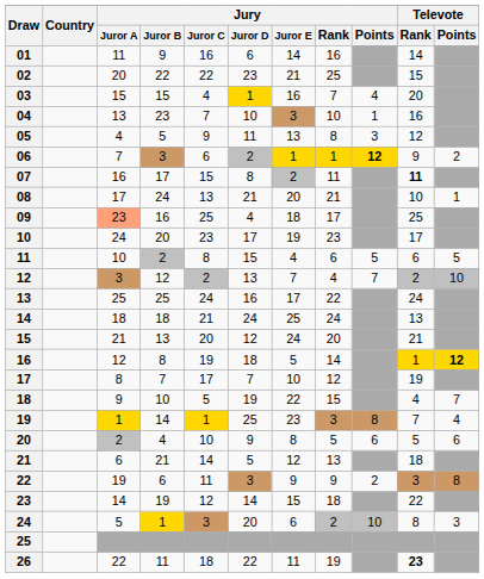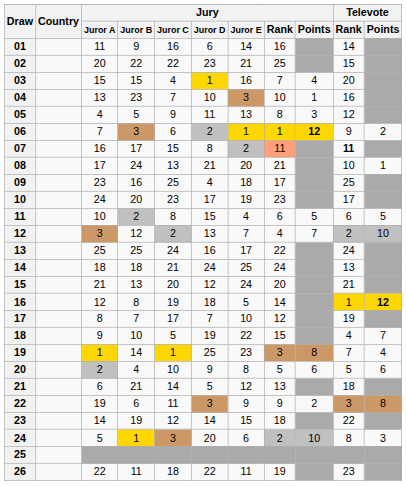 <table class="sortable wikitable collapsible plainrowheaders" style="text-align:center;">
 <tr>
 </tr>
 <tr>
 <th scope="col" rowspan="2">Draw</th>
 <th scope="col" rowspan="2">Country</th>
 <th scope="col" colspan="7">Jury</th>
 <th scope="col" colspan="2">Televote</th>
 </tr>
 <tr>
 <th scope="col"><small>Juror A</small></th>
 <th scope="col"><small>Juror B</small></th>
 <th scope="col"><small>Juror C</small></th>
 <th scope="col"><small>Juror D</small></th>
 <th scope="col"><small>Juror E</small></th>
 <th scope="col">Rank</th>
 <th scope="col">Points</th>
 <th scope="col">Rank</th>
 <th scope="col">Points</th>
 </tr>
 <tr>
 <th scope="row" style="text-align:center;">01</th>
 <td style="text-align:left;"></td>
 <td>11</td>
 <td>9</td>
 <td>16</td>
 <td>6</td>
 <td>14</td>
 <td>16</td>
 <td style="background:#AAAAAA;"></td>
 <td>14</td>
 <td style="background:#AAAAAA;"></td>
 </tr>
 <tr>
 <th scope="row" style="text-align:center;">02</th>
 <td style="text-align:left;"></td>
 <td>20</td>
 <td>22</td>
 <td>22</td>
 <td>23</td>
 <td>21</td>
 <td>25</td>
 <td style="background:#AAAAAA;"></td>
 <td>15</td>
 <td style="background:#AAAAAA;"></td>
 </tr>
 <tr>
 <th scope="row" style="text-align:center;">03</th>
 <td style="text-align:left;"></td>
 <td>15</td>
 <td>15</td>
 <td>4</td>
 <td style="background:gold;">1</td>
 <td>16</td>
 <td>7</td>
 <td>4</td>
 <td>20</td>
 <td style="background:#AAAAAA;"></td>
 </tr>
 <tr>
 <th scope="row" style="text-align:center;">04</th>
 <td style="text-align:left;"></td>
 <td>13</td>
 <td>23</td>
 <td>7</td>
 <td>10</td>
 <td style="background:#CC9966;">3</td>
 <td>10</td>
 <td>1</td>
 <td>16</td>
 <td style="background:#AAAAAA;"></td>
 </tr>
 <tr>
 <th scope="row" style="text-align:center;">05</th>
 <td style="text-align:left;"></td>
 <td>4</td>
 <td>5</td>
 <td>9</td>
 <td>11</td>
 <td>13</td>
 <td>8</td>
 <td>3</td>
 <td>12</td>
 <td style="background:#AAAAAA;"></td>
 </tr>
 <tr>
 <th scope="row" style="text-align:center;">06</th>
 <td style="text-align:left;"></td>
 <td>7</td>
 <td style="background:#CC9966;">3</td>
 <td>6</td>
 <td style="background:silver;">2</td>
 <td style="background:gold;">1</td>
 <td style="background:gold;">1</td>
 <td style="background:gold;"><strong>12</strong></td>
 <td>9</td>
 <td>2</td>
 </tr>
 <tr>
 <th scope="row" style="text-align:center;">07</th>
 <td style="text-align:left;"></td>
 <td>16</td>
 <td>17</td>
 <td>15</td>
 <td>8</td>
 <td style="background:silver;">2</td>
-<td>11</td>
+<td style="background: lightsalmon;">11</td>
 <td style="background:#AAAAAA;"></td>
 <td><strong>11</strong></td>
 <td style="background:#AAAAAA;"></td>
 </tr>
 <tr>
 <th scope="row" style="text-align:center;">08</th>
 <td style="text-align:left;"></td>
 <td>17</td>
 <td>24</td>
 <td>13</td>
 <td>21</td>
 <td>20</td>
 <td>21</td>
 <td style="background:#AAAAAA;"></td>
 <td>10</td>
 <td>1</td>
 </tr>
 <tr>
 <th scope="row" style="text-align:center;">09</th>
 <td style="text-align:left;"></td>
-<td style="background: lightsalmon;">23</td>
+<td>23</td>
 <td>16</td>
 <td>25</td>
 <td>4</td>
 <td>18</td>
 <td>17</td>
 <td style="background:#AAAAAA;"></td>
 <td>25</td>
 <td style="background:#AAAAAA;"></td>
 </tr>
 <tr>
 <th scope="row" style="text-align:center;">10</th>
 <td style="text-align:left;"></td>
 <td>24</td>
 <td>20</td>
 <td>23</td>
 <td>17</td>
 <td>19</td>
 <td>23</td>
 <td style="background:#AAAAAA;"></td>
 <td>17</td>
 <td style="background:#AAAAAA;"></td>
 </tr>
 <tr>
 <th scope="row" style="text-align:center;">11</th>
 <td style="text-align:left;"></td>
 <td>10</td>
 <td style="background:silver;">2</td>
 <td>8</td>
 <td>15</td>
 <td>4</td>
 <td>6</td>
 <td>5</td>
 <td>6</td>
 <td>5</td>
 </tr>
 <tr>
 <th scope="row" style="text-align:center;">12</th>
 <td style="text-align:left;"></td>
 <td style="background:#CC9966;">3</td>
 <td>12</td>
 <td style="background:silver;">2</td>
 <td>13</td>
 <td>7</td>
 <td>4</td>
 <td>7</td>
 <td style="background:silver;">2</td>
 <td style="background:silver;">10</td>
 </tr>
 <tr>
 <th scope="row" style="text-align:center;">13</th>
 <td style="text-align:left;"></td>
 <td>25</td>
 <td>25</td>
 <td>24</td>
 <td>16</td>
 <td>17</td>
 <td>22</td>
 <td style="background:#AAAAAA;"></td>
 <td>24</td>
 <td style="background:#AAAAAA;"></td>
 </tr>
 <tr>
 <th scope="row" style="text-align:center;">14</th>
 <td style="text-align:left;"></td>
 <td>18</td>
 <td>18</td>
 <td>21</td>
 <td>24</td>
 <td>25</td>
 <td>24</td>
 <td style="background:#AAAAAA;"></td>
 <td>13</td>
 <td style="background:#AAAAAA;"></td>
 </tr>
 <tr>
 <th scope="row" style="text-align:center;">15</th>
 <td style="text-align:left;"></td>
 <td>21</td>
 <td>13</td>
 <td>20</td>
 <td>12</td>
 <td>24</td>
 <td>20</td>
 <td style="background:#AAAAAA;"></td>
 <td>21</td>
 <td style="background:#AAAAAA;"></td>
 </tr>
 <tr>
 <th scope="row" style="text-align:center;">16</th>
 <td style="text-align:left;"></td>
 <td>12</td>
 <td>8</td>
 <td>19</td>
 <td>18</td>
 <td>5</td>
 <td>14</td>
 <td style="background:#AAAAAA;"></td>
 <td style="background:gold;">1</td>
 <td style="background:gold;"><strong>12</strong></td>
 </tr>
 <tr>
 <th scope="row" style="text-align:center;">17</th>
 <td style="text-align:left;"></td>
 <td>8</td>
 <td>7</td>
 <td>17</td>
 <td>7</td>
 <td>10</td>
 <td>12</td>
 <td style="background:#AAAAAA;"></td>
 <td>19</td>
 <td style="background:#AAAAAA;"></td>
 </tr>
 <tr>
 <th scope="row" style="text-align:center;">18</th>
 <td style="text-align:left;"></td>
 <td>9</td>
 <td>10</td>
 <td>5</td>
 <td>19</td>
 <td>22</td>
 <td>15</td>
 <td style="background:#AAAAAA;"></td>
 <td>4</td>
 <td>7</td>
 </tr>
 <tr>
 <th scope="row" style="text-align:center;">19</th>
 <td style="text-align:left;"></td>
 <td style="background:gold;">1</td>
 <td>14</td>
 <td style="background:gold;">1</td>
 <td>25</td>
 <td>23</td>
 <td style="background:#CC9966;">3</td>
 <td style="background:#CC9966;">8</td>
 <td>7</td>
 <td>4</td>
 </tr>
 <tr>
 <th scope="row" style="text-align:center;">20</th>
 <td style="text-align:left;"></td>
 <td style="background:silver;">2</td>
 <td>4</td>
 <td>10</td>
 <td>9</td>
 <td>8</td>
 <td>5</td>
 <td>6</td>
 <td>5</td>
 <td>6</td>
 </tr>
 <tr>
 <th scope="row" style="text-align:center;">21</th>
 <td style="text-align:left;"></td>
 <td>6</td>
 <td>21</td>
 <td>14</td>
 <td>5</td>
 <td>12</td>
 <td>13</td>
 <td style="background:#AAAAAA;"></td>
 <td>18</td>
 <td style="background:#AAAAAA;"></td>
 </tr>
 <tr>
 <th scope="row" style="text-align:center;">22</th>
 <td style="text-align:left;"></td>
 <td>19</td>
 <td>6</td>
 <td>11</td>
 <td style="background:#CC9966;">3</td>
 <td>9</td>
 <td>9</td>
 <td>2</td>
 <td style="background:#CC9966;">3</td>
 <td style="background:#CC9966;">8</td>
 </tr>
 <tr>
 <th scope="row" style="text-align:center;">23</th>
 <td style="text-align:left;"></td>
 <td>14</td>
 <td>19</td>
 <td>12</td>
 <td>14</td>
 <td>15</td>
 <td>18</td>
 <td style="background:#AAAAAA;"></td>
 <td>22</td>
 <td style="background:#AAAAAA;"></td>
 </tr>
 <tr>
 <th scope="row" style="text-align:center;">24</th>
 <td style="text-align:left;"></td>
 <td>5</td>
 <td style="background:gold;">1</td>
 <td style="background:#CC9966;">3</td>
 <td>20</td>
 <td>6</td>
 <td style="background:silver;">2</td>
 <td style="background:silver;">10</td>
 <td>8</td>
 <td>3</td>
 </tr>
 <tr class="sortbottom">
 <th scope="row" style="text-align:center;">25</th>
 <td style="text-align:left;"></td>
 <td style="background:#AAAAAA;"></td>
 <td style="background:#AAAAAA;"></td>
 <td style="background:#AAAAAA;"></td>
 <td style="background:#AAAAAA;"></td>
 <td style="background:#AAAAAA;"></td>
 <td style="background:#AAAAAA;"></td>
 <td style="background:#AAAAAA;"></td>
 <td style="background:#AAAAAA;"></td>
 <td style="background:#AAAAAA;"></td>
 </tr>
 <tr>
 <th scope="row" style="text-align:center;">26</th>
 <td style="text-align:left;"></td>
 <td>22</td>
 <td>11</td>
 <td>18</td>
 <td>22</td>
 <td>11</td>
 <td>19</td>
 <td style="background:#AAAAAA;"></td>
-<td><strong>23</strong></td>
+<td>23</td>
 <td style="background:#AAAAAA;"></td>
 </tr>
 </table>
